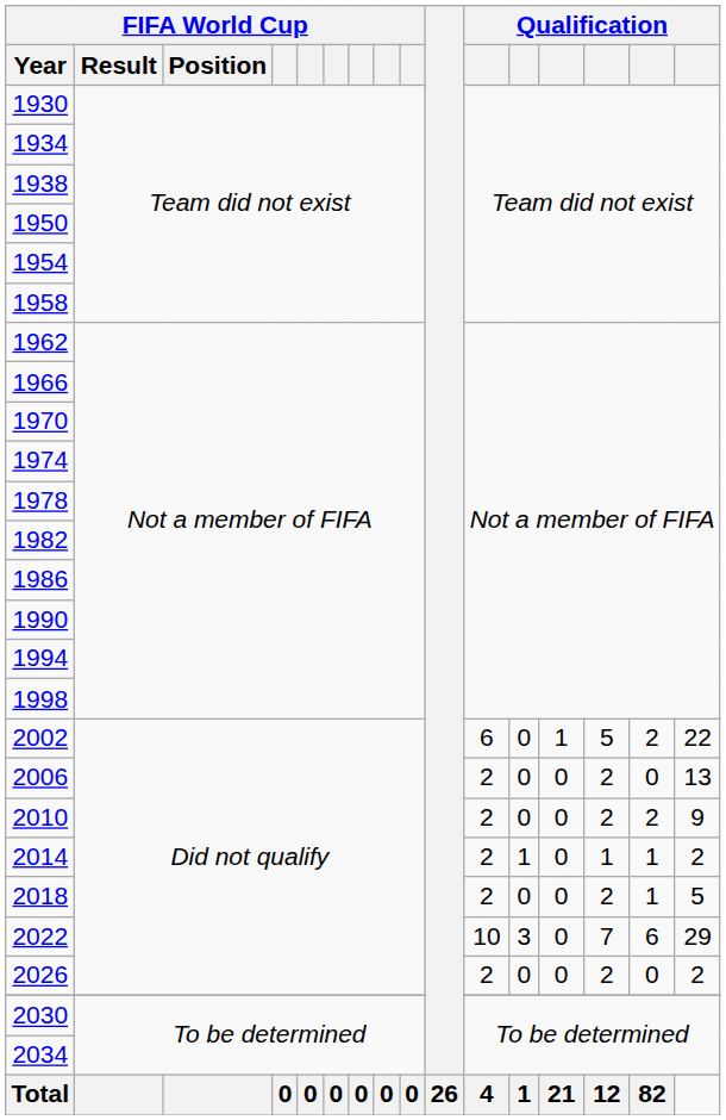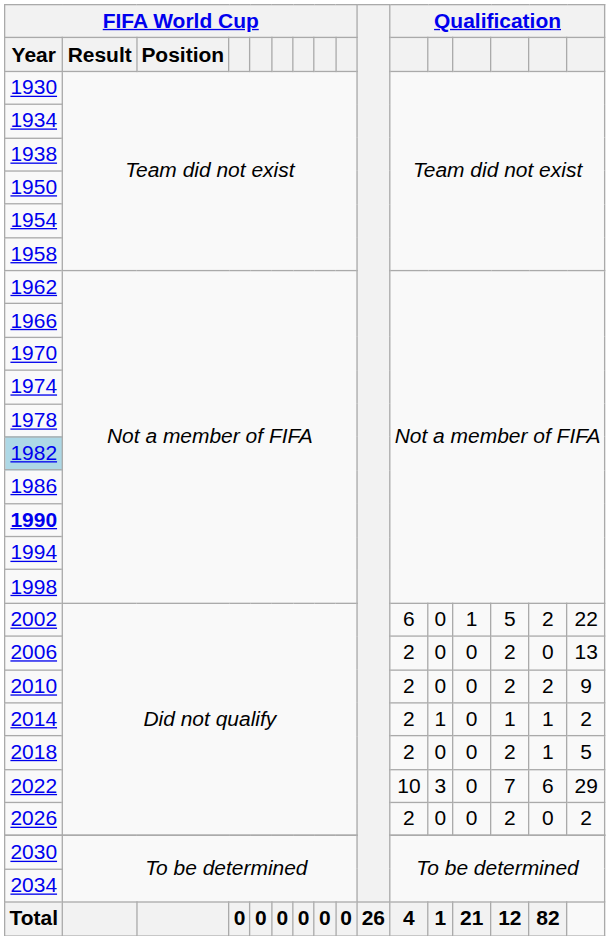 <table class="wikitable" style="text-align: center;">
 <tr>
 <th colspan="9"><a href='#'>FIFA World Cup</a></th>
 <th rowspan="28"></th>
 <th colspan="6"><a href='#'>Qualification</a></th>
 </tr>
 <tr>
 <th>Year</th>
 <th>Result</th>
 <th>Position</th>
 <th></th>
 <th></th>
 <th></th>
 <th></th>
 <th></th>
 <th></th>
 <th></th>
 <th></th>
 <th></th>
 <th></th>
 <th></th>
 <th></th>
 </tr>
 <tr>
 <td> <a href='#'>1930</a></td>
 <td rowspan="6" colspan="8"><em>Team did not exist</em></td>
 <td rowspan="6" colspan="6"><em>Team did not exist</em></td>
 </tr>
 <tr>
 <td> <a href='#'>1934</a></td>
 </tr>
 <tr>
 <td> <a href='#'>1938</a></td>
 </tr>
 <tr>
 <td> <a href='#'>1950</a></td>
 </tr>
 <tr>
 <td> <a href='#'>1954</a></td>
 </tr>
 <tr>
 <td> <a href='#'>1958</a></td>
 </tr>
 <tr>
 <td> <a href='#'>1962</a></td>
 <td rowspan="10" colspan="8"><em>Not a member of FIFA</em></td>
 <td rowspan="10" colspan="6"><em>Not a member of FIFA</em></td>
 </tr>
 <tr>
 <td> <a href='#'>1966</a></td>
 </tr>
 <tr>
 <td> <a href='#'>1970</a></td>
 </tr>
 <tr>
 <td> <a href='#'>1974</a></td>
 </tr>
 <tr>
 <td> <a href='#'>1978</a></td>
 </tr>
 <tr>
-<td> <a href='#'>1982</a></td>
+<td style="background: lightblue;"> <a href='#'>1982</a></td>
 </tr>
 <tr>
 <td> <a href='#'>1986</a></td>
 </tr>
 <tr>
-<td> <a href='#'>1990</a></td>
+<td><strong> <a href='#'>1990</a></strong></td>
 </tr>
 <tr>
 <td> <a href='#'>1994</a></td>
 </tr>
 <tr>
 <td> <a href='#'>1998</a></td>
 </tr>
 <tr>
 <td> <a href='#'>2002</a></td>
 <td colspan="8" rowspan="7"><em>Did not qualify</em></td>
 <td>6</td>
 <td>0</td>
 <td>1</td>
 <td>5</td>
 <td>2</td>
 <td>22</td>
 </tr>
 <tr>
 <td> <a href='#'>2006</a></td>
 <td>2</td>
 <td>0</td>
 <td>0</td>
 <td>2</td>
 <td>0</td>
 <td>13</td>
 </tr>
 <tr>
 <td> <a href='#'>2010</a></td>
 <td>2</td>
 <td>0</td>
 <td>0</td>
 <td>2</td>
 <td>2</td>
 <td>9</td>
 </tr>
 <tr>
 <td> <a href='#'>2014</a></td>
 <td>2</td>
 <td>1</td>
 <td>0</td>
 <td>1</td>
 <td>1</td>
 <td>2</td>
 </tr>
 <tr>
 <td> <a href='#'>2018</a></td>
 <td>2</td>
 <td>0</td>
 <td>0</td>
 <td>2</td>
 <td>1</td>
 <td>5</td>
 </tr>
 <tr>
 <td> <a href='#'>2022</a></td>
 <td>10</td>
 <td>3</td>
 <td>0</td>
 <td>7</td>
 <td>6</td>
 <td>29</td>
 </tr>
 <tr>
 <td> <a href='#'>2026</a></td>
 <td>2</td>
 <td>0</td>
 <td>0</td>
 <td>2</td>
 <td>0</td>
 <td>2</td>
 </tr>
 <tr>
 </tr>
 <tr>
 <td> <a href='#'>2030</a></td>
 <td colspan="9" rowspan="2"><em>To be determined</em></td>
 <td colspan="9" rowspan="2"><em>To be determined</em></td>
 </tr>
 <tr>
 <td> <a href='#'>2034</a></td>
 </tr>
 <tr>
 <th>Total</th>
 <th></th>
 <th></th>
 <th>0</th>
 <th>0</th>
 <th>0</th>
 <th>0</th>
 <th>0</th>
 <th>0</th>
 <th>26</th>
 <th>4</th>
 <th>1</th>
 <th>21</th>
 <th>12</th>
 <th>82</th>
 </tr>
 </table>
